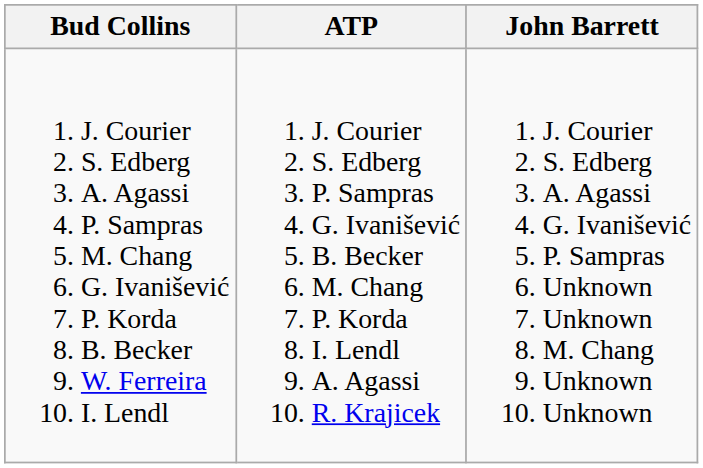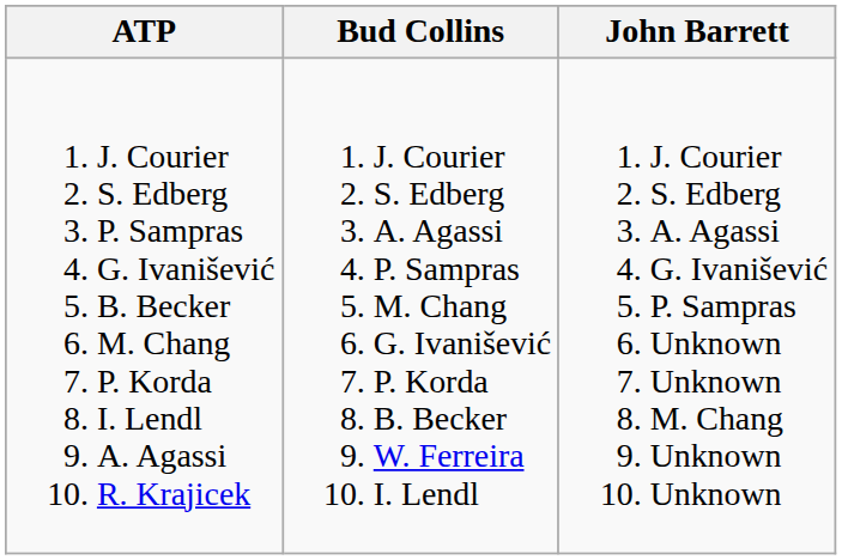 <table class="wikitable">
 <tr>
+<th>ATP</th>
 <th>Bud Collins</th>
-<th>ATP</th>
 <th>John Barrett</th>
 </tr>
 <tr style="vertical-align: top;">
+<td style="white-space: nowrap;"><br><ol><li> J. Courier</li><li> S. Edberg</li><li> P. Sampras</li><li> G. Ivanišević</li><li> B. Becker</li><li> M. Chang</li><li> P. Korda</li><li> I. Lendl</li><li> A. Agassi</li><li> <a href='#'>R. Krajicek</a></li></ol></td>
 <td style="white-space: nowrap;"><br><ol><li> J. Courier</li><li> S. Edberg</li><li> A. Agassi</li><li> P. Sampras</li><li> M. Chang</li><li> G. Ivanišević</li><li> P. Korda</li><li> B. Becker</li><li> <a href='#'>W. Ferreira</a></li><li> I. Lendl</li></ol></td>
-<td style="white-space: nowrap;"><br><ol><li> J. Courier</li><li> S. Edberg</li><li> P. Sampras</li><li> G. Ivanišević</li><li> B. Becker</li><li> M. Chang</li><li> P. Korda</li><li> I. Lendl</li><li> A. Agassi</li><li> <a href='#'>R. Krajicek</a></li></ol></td>
 <td style="white-space: nowrap;"><br><ol><li> J. Courier</li><li> S. Edberg</li><li> A. Agassi</li><li> G. Ivanišević</li><li> P. Sampras</li><li> Unknown</li><li> Unknown</li><li> M. Chang</li><li> Unknown</li><li> Unknown</li></ol></td>
 </tr>
 </table>
